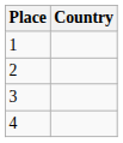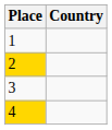 <table class="wikitable">
 <tr>
 <th>Place</th>
 <th>Country</th>
 </tr>
 <tr>
 <td>1</td>
 <td></td>
 </tr>
 <tr>
-<td>2</td>
+<td style="background: gold;">2</td>
 <td></td>
 </tr>
 <tr>
 <td>3</td>
 <td></td>
 </tr>
 <tr>
-<td>4</td>
+<td style="background: gold;">4</td>
 <td></td>
 </tr>
 </table>
